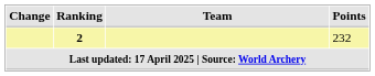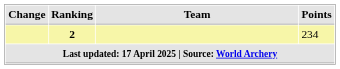 <table cellspacing="1" cellpadding="3" style="border:1px solid #aaa; font-size:90%; float: left; margin-left: 1em;">
 <tr style="background:#e4e4e4;">
 <th style="border-bottom:1px solid #aaa; width:10px;">Change</th>
 <th style="border-bottom:1px solid #aaa; width:10px;">Ranking</th>
 <th style="border-bottom:1px solid #aaa; width:250px;">Team</th>
 <th style="border-bottom:1px solid #aaa; width:30px;">Points</th>
 </tr>
 <tr style="background:#f7f6a8">
 <td style="text-align:center;"></td>
 <td style="text-align:center;"><strong>2</strong></td>
 <td></td>
-<td>232</td>
+<td>234</td>
 </tr>
 <tr style="background:#e4e4e4;">
 <th colspan=4 style="border-bottom:1px solid #aaa; width:10px;"><small>Last updated: 17 April 2025 | Source: <a href='#'>World Archery</a></small></th>
 </tr>
 </table>
